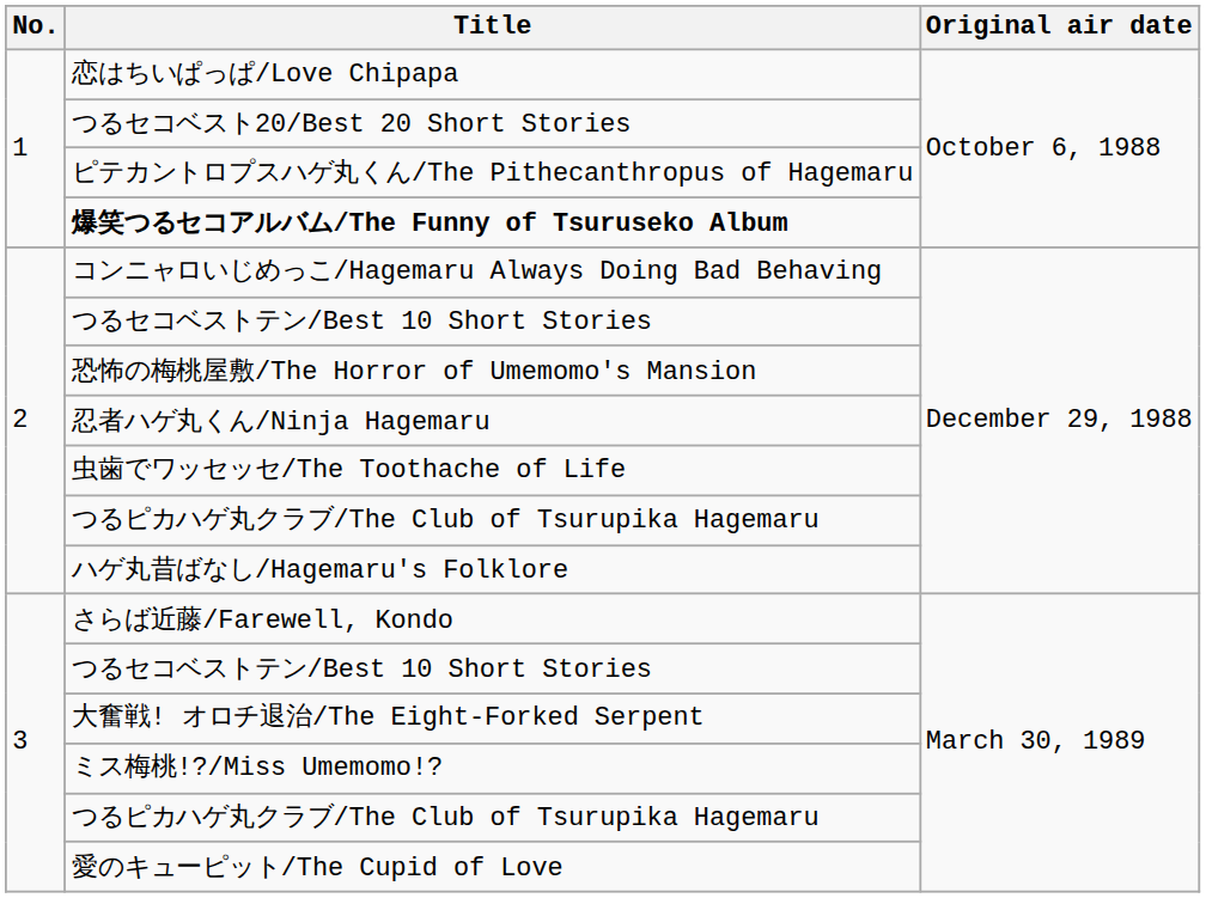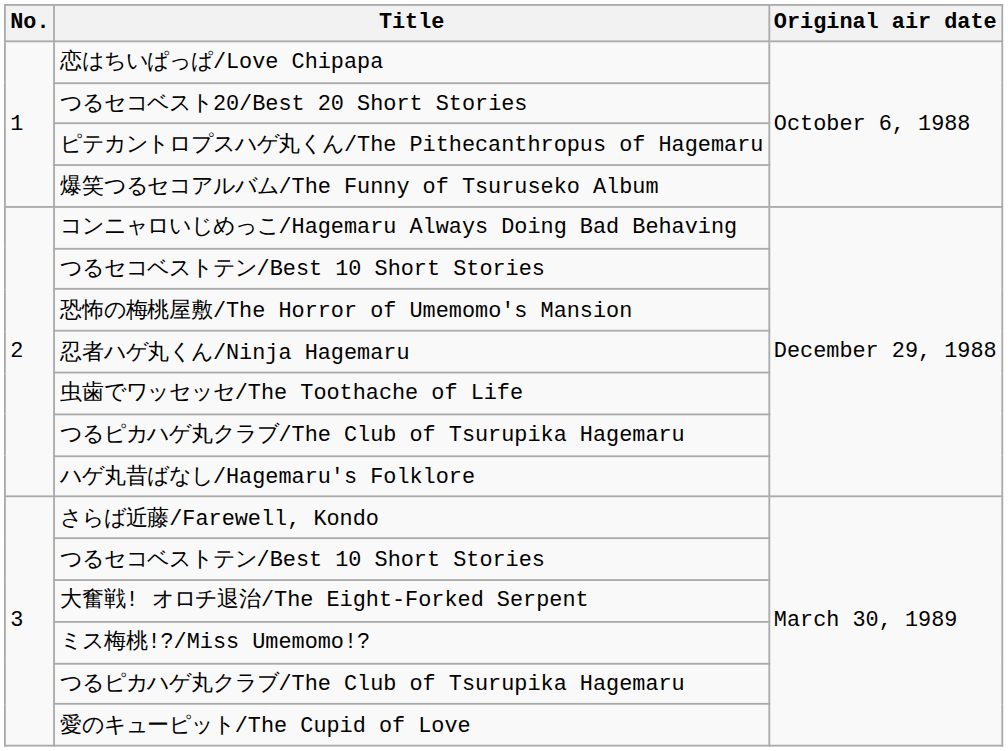 <table class="wikitable" style="font-size:small">
 <tr>
 <th>No.</th>
 <th>Title</th>
 <th>Original air date</th>
 </tr>
 <tr>
 <td rowspan="4">1</td>
 <td>恋はちいぱっぱ/Love Chipapa</td>
 <td rowspan="4">October 6, 1988</td>
 </tr>
 <tr>
 <td>つるセコベスト20/Best 20 Short Stories</td>
 </tr>
 <tr>
 <td>ピテカントロプスハゲ丸くん/The Pithecanthropus of Hagemaru</td>
 </tr>
 <tr>
-<td><strong>爆笑つるセコアルバム/The Funny of Tsuruseko Album</strong></td>
+<td>爆笑つるセコアルバム/The Funny of Tsuruseko Album</td>
 </tr>
 <tr>
 <td rowspan="7">2</td>
 <td>コンニャロいじめっこ/Hagemaru Always Doing Bad Behaving</td>
 <td rowspan="7">December 29, 1988</td>
 </tr>
 <tr>
 <td>つるセコベストテン/Best 10 Short Stories</td>
 </tr>
 <tr>
 <td>恐怖の梅桃屋敷/The Horror of Umemomo's Mansion</td>
 </tr>
 <tr>
 <td>忍者ハゲ丸くん/Ninja Hagemaru</td>
 </tr>
 <tr>
 <td>虫歯でワッセッセ/The Toothache of Life</td>
 </tr>
 <tr>
 <td>つるピカハゲ丸クラブ/The Club of Tsurupika Hagemaru</td>
 </tr>
 <tr>
 <td>ハゲ丸昔ばなし/Hagemaru's Folklore</td>
 </tr>
 <tr>
 <td rowspan="6">3</td>
 <td>さらば近藤/Farewell, Kondo</td>
 <td rowspan="6">March 30, 1989</td>
 </tr>
 <tr>
 <td>つるセコベストテン/Best 10 Short Stories</td>
 </tr>
 <tr>
 <td>大奮戦! オロチ退治/The Eight-Forked Serpent</td>
 </tr>
 <tr>
 <td>ミス梅桃!?/Miss Umemomo!?</td>
 </tr>
 <tr>
 <td>つるピカハゲ丸クラブ/The Club of Tsurupika Hagemaru</td>
 </tr>
 <tr>
 <td>愛のキューピット/The Cupid of Love</td>
 </tr>
 </table>
